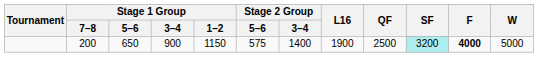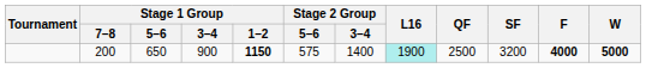 <table class="wikitable" style="font-size: 100%; text-align:center">
 <tr>
 <th rowspan="2" width=60>Tournament</th>
 <th colspan="4" width=60><strong>Stage 1 Group</strong></th>
 <th colspan="2" width=60><strong>Stage 2 Group</strong></th>
 <th rowspan="2" width=60><strong>L16</strong></th>
 <th rowspan="2" width=60><strong>QF</strong></th>
 <th rowspan="2" width=60><strong>SF</strong></th>
 <th rowspan="2" width=60><strong>F</strong></th>
 <th rowspan="2" width=60><strong>W</strong></th>
 </tr>
 <tr>
 <th width=60><strong>7–8</strong></th>
 <th width=60><strong>5–6</strong></th>
 <th width=60><strong>3–4</strong></th>
 <th width=60><strong>1–2</strong></th>
 <th width=60><strong>5–6</strong></th>
 <th width=60><strong>3–4</strong></th>
 </tr>
 <tr>
 <td align="left"></td>
 <td>200</td>
 <td>650</td>
 <td>900</td>
-<td>1150</td>
+<td><strong>1150</strong></td>
 <td>575</td>
 <td>1400</td>
-<td>1900</td>
+<td style="background: paleturquoise;">1900</td>
 <td>2500</td>
-<td style="background: paleturquoise;">3200</td>
+<td>3200</td>
 <td><strong>4000</strong></td>
-<td>5000</td>
+<td><strong>5000</strong></td>
 </tr>
 </table>
